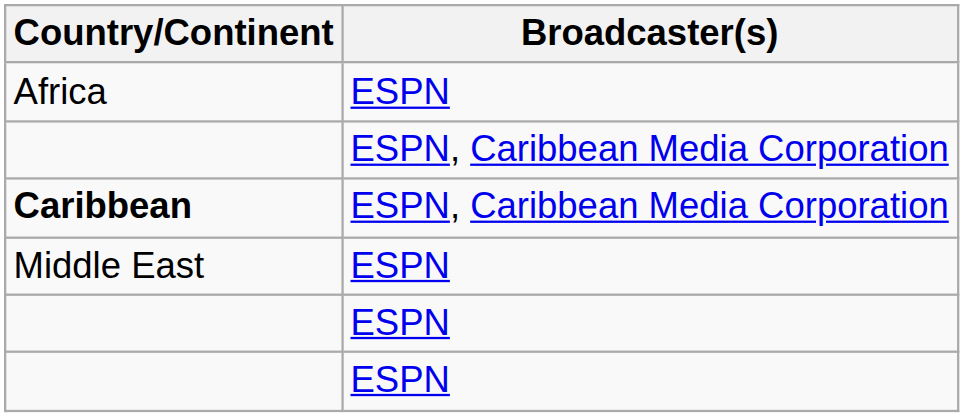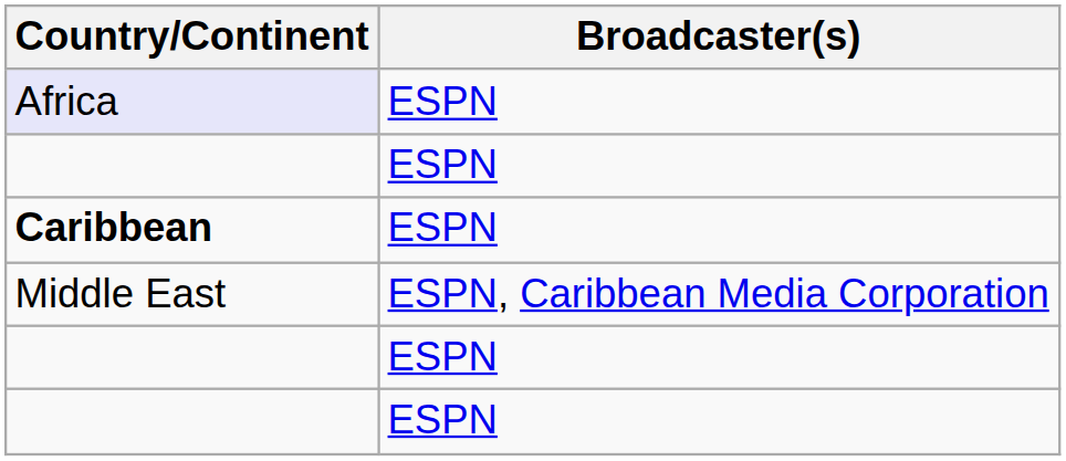 <table class="wikitable">
 <tr>
 <th>Country/Continent</th>
 <th>Broadcaster(s)</th>
 </tr>
 <tr>
-<td> Africa</td>
+<td style="background: lavender;"> Africa</td>
 <td><a href='#'>ESPN</a></td>
 </tr>
 <tr>
 <td></td>
-<td><a href='#'>ESPN</a>, <a href='#'>Caribbean Media Corporation</a></td>
+<td><a href='#'>ESPN</a></td>
 </tr>
 <tr>
 <td><strong> Caribbean</strong></td>
-<td><a href='#'>ESPN</a>, <a href='#'>Caribbean Media Corporation</a></td>
+<td><a href='#'>ESPN</a></td>
 </tr>
 <tr>
 <td> Middle East</td>
-<td><a href='#'>ESPN</a></td>
+<td><a href='#'>ESPN</a>, <a href='#'>Caribbean Media Corporation</a></td>
 </tr>
 <tr>
 <td></td>
 <td><a href='#'>ESPN</a></td>
 </tr>
 <tr>
 <td></td>
 <td><a href='#'>ESPN</a></td>
 </tr>
 </table>
